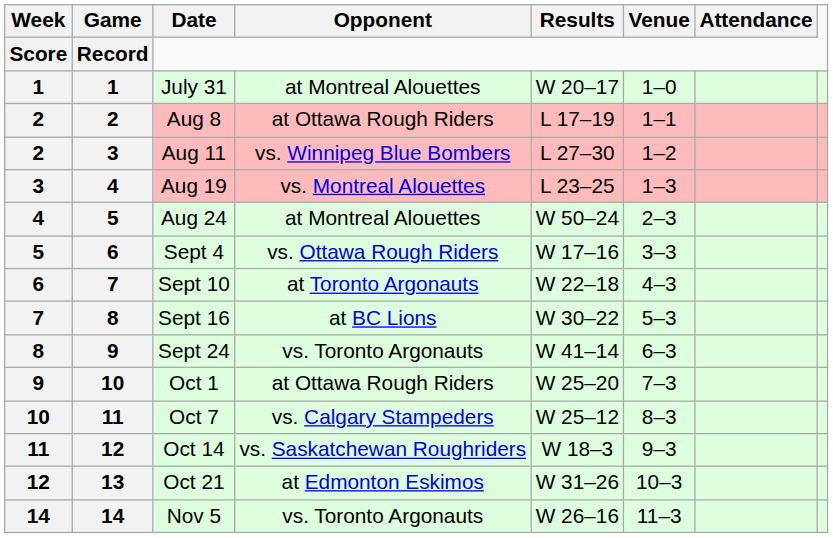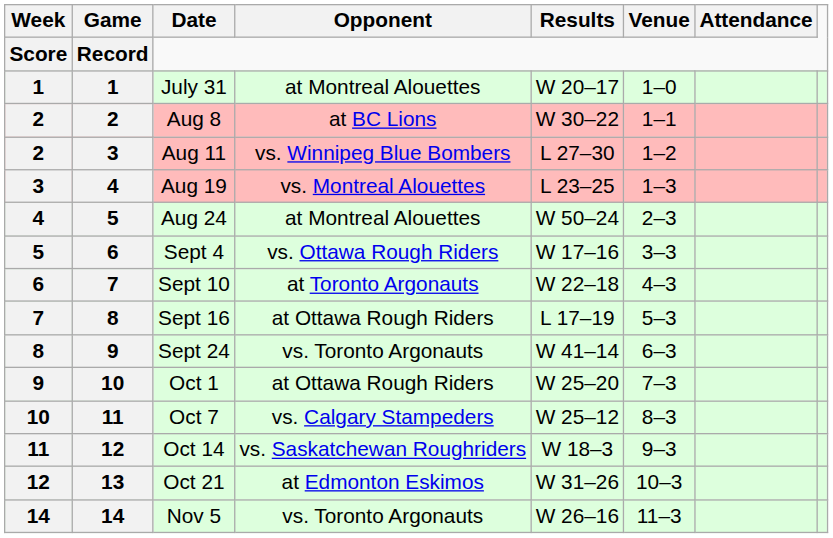 <table class="wikitable" style="text-align:center">
 <tr>
 <th>Week</th>
 <th>Game</th>
 <th>Date</th>
 <th>Opponent</th>
 <th>Results</th>
 <th>Venue</th>
 <th>Attendance</th>
 </tr>
 <tr>
 <th>Score</th>
 <th>Record</th>
 </tr>
 <tr style="background:#ddffdd">
 <th>1</th>
 <th>1</th>
 <td>July 31</td>
 <td>at Montreal Alouettes</td>
 <td>W 20–17</td>
 <td>1–0</td>
 <td></td>
 <td></td>
 </tr>
 <tr style="background:#ffbbbb">
 <th>2</th>
 <th>2</th>
 <td>Aug 8</td>
-<td>at Ottawa Rough Riders</td>
-<td>L 17–19</td>
+<td>at <a href='#'>BC Lions</a></td>
+<td>W 30–22</td>
 <td>1–1</td>
 <td></td>
 <td></td>
 </tr>
 <tr style="background:#ffbbbb">
 <th>2</th>
 <th>3</th>
 <td>Aug 11</td>
 <td>vs. <a href='#'>Winnipeg Blue Bombers</a></td>
 <td>L 27–30</td>
 <td>1–2</td>
 <td></td>
 <td></td>
 </tr>
 <tr style="background:#ffbbbb">
 <th>3</th>
 <th>4</th>
 <td>Aug 19</td>
 <td>vs. <a href='#'>Montreal Alouettes</a></td>
 <td>L 23–25</td>
 <td>1–3</td>
 <td></td>
 <td></td>
 </tr>
 <tr style="background:#ddffdd">
 <th>4</th>
 <th>5</th>
 <td>Aug 24</td>
 <td>at Montreal Alouettes</td>
 <td>W 50–24</td>
 <td>2–3</td>
 <td></td>
 <td></td>
 </tr>
 <tr style="background:#ddffdd">
 <th>5</th>
 <th>6</th>
 <td>Sept 4</td>
 <td>vs. <a href='#'>Ottawa Rough Riders</a></td>
 <td>W 17–16</td>
 <td>3–3</td>
 <td></td>
 <td></td>
 </tr>
 <tr style="background:#ddffdd">
 <th>6</th>
 <th>7</th>
 <td>Sept 10</td>
 <td>at <a href='#'>Toronto Argonauts</a></td>
 <td>W 22–18</td>
 <td>4–3</td>
 <td></td>
 <td></td>
 </tr>
 <tr style="background:#ddffdd">
 <th>7</th>
 <th>8</th>
 <td>Sept 16</td>
-<td>at <a href='#'>BC Lions</a></td>
-<td>W 30–22</td>
+<td>at Ottawa Rough Riders</td>
+<td>L 17–19</td>
 <td>5–3</td>
 <td></td>
 <td></td>
 </tr>
 <tr style="background:#ddffdd">
 <th>8</th>
 <th>9</th>
 <td>Sept 24</td>
 <td>vs. Toronto Argonauts</td>
 <td>W 41–14</td>
 <td>6–3</td>
 <td></td>
 <td></td>
 </tr>
 <tr style="background:#ddffdd">
 <th>9</th>
 <th>10</th>
 <td>Oct 1</td>
 <td>at Ottawa Rough Riders</td>
 <td>W 25–20</td>
 <td>7–3</td>
 <td></td>
 <td></td>
 </tr>
 <tr style="background:#ddffdd">
 <th>10</th>
 <th>11</th>
 <td>Oct 7</td>
 <td>vs. <a href='#'>Calgary Stampeders</a></td>
 <td>W 25–12</td>
 <td>8–3</td>
 <td></td>
 <td></td>
 </tr>
 <tr style="background:#ddffdd">
 <th>11</th>
 <th>12</th>
 <td>Oct 14</td>
 <td>vs. <a href='#'>Saskatchewan Roughriders</a></td>
 <td>W 18–3</td>
 <td>9–3</td>
 <td></td>
 <td></td>
 </tr>
 <tr style="background:#ddffdd">
 <th>12</th>
 <th>13</th>
 <td>Oct 21</td>
 <td>at <a href='#'>Edmonton Eskimos</a></td>
 <td>W 31–26</td>
 <td>10–3</td>
 <td></td>
 <td></td>
 </tr>
 <tr style="background:#ddffdd">
 <th>14</th>
 <th>14</th>
 <td>Nov 5</td>
 <td>vs. Toronto Argonauts</td>
 <td>W 26–16</td>
 <td>11–3</td>
 <td></td>
 <td></td>
 </tr>
 </table>
